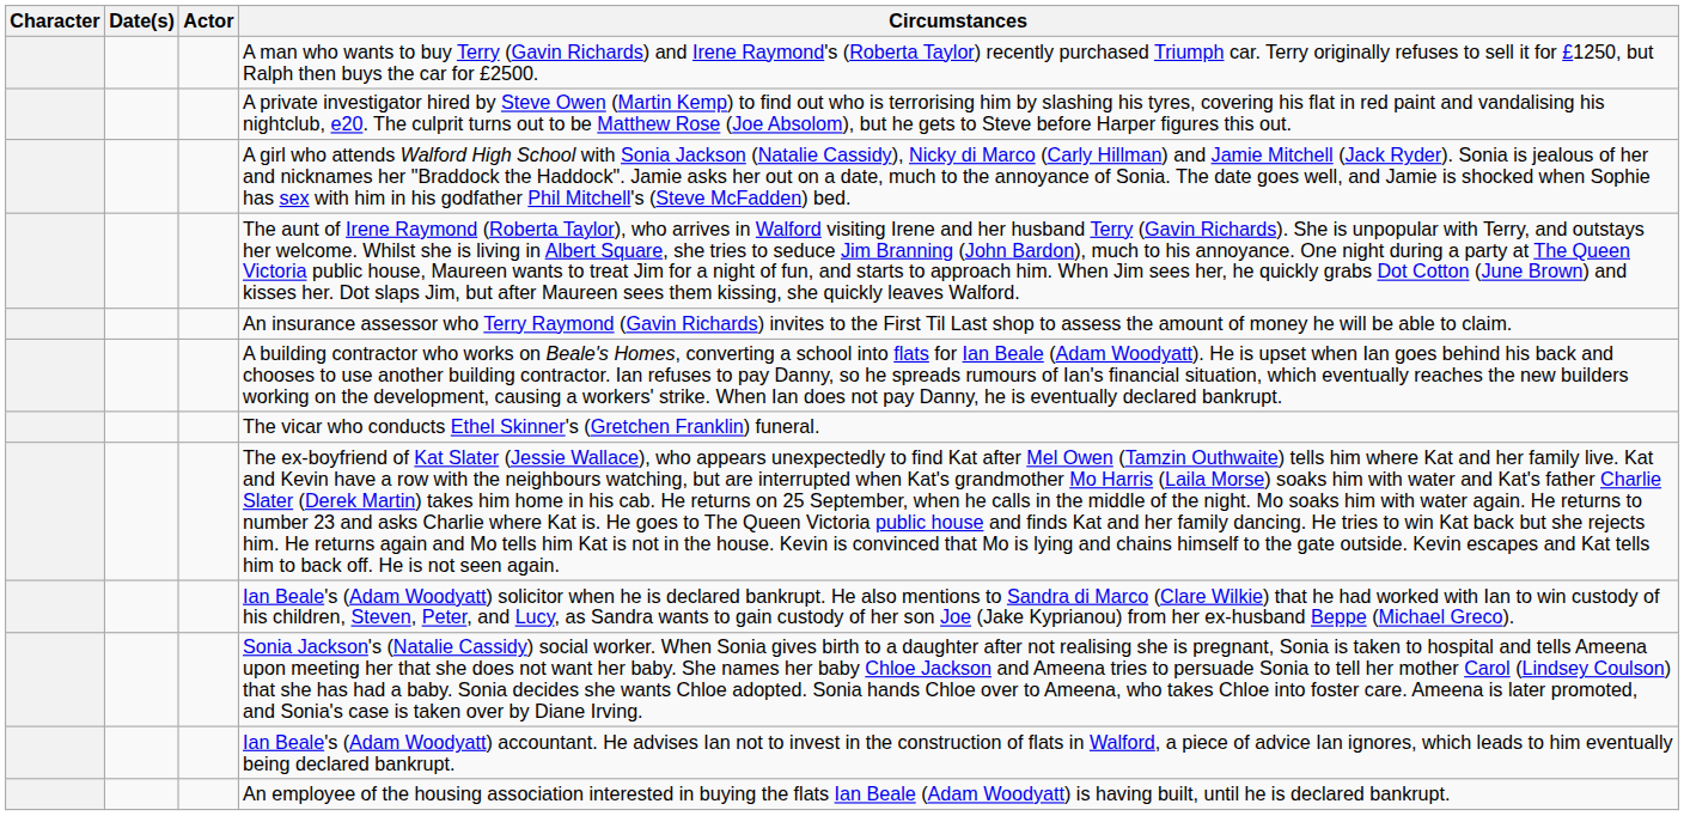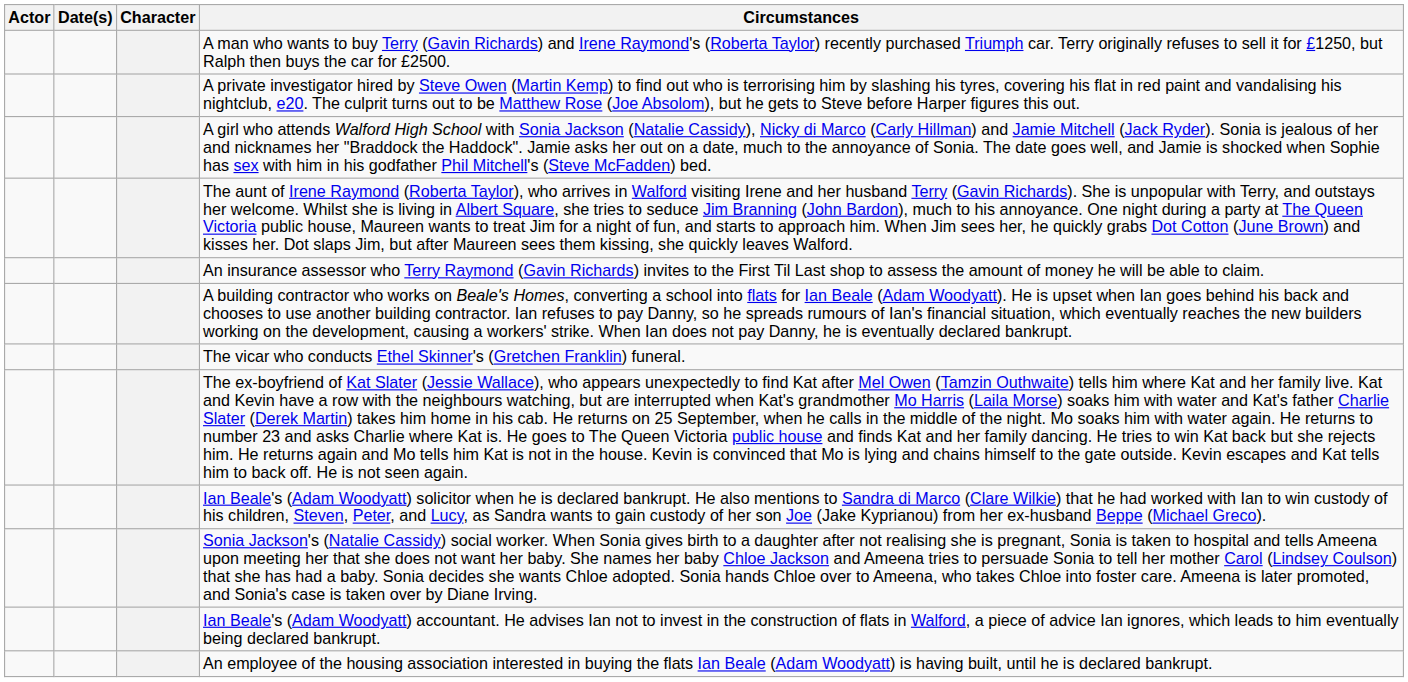 <table class="wikitable plainrowheaders" style="font-size:90%">
 <tr>
+<th scope="col">Actor</th>
+<th scope="col">Date(s)</th>
 <th scope="col">Character</th>
-<th scope="col">Date(s)</th>
-<th scope="col">Actor</th>
 <th scope="col">Circumstances</th>
 </tr>
 <tr>
-<th scope="row"></th>
 <td></td>
 <td></td>
+<th scope="row"></th>
 <td> A man who wants to buy <a href='#'>Terry</a> (<a href='#'>Gavin Richards</a>) and <a href='#'>Irene Raymond</a>'s (<a href='#'>Roberta Taylor</a>) recently purchased <a href='#'>Triumph</a> car. Terry originally refuses to sell it for <a href='#'>£</a>1250, but Ralph then buys the car for £2500.</td>
 </tr>
 <tr>
-<th scope="row"></th>
 <td></td>
 <td></td>
+<th scope="row"></th>
 <td> A private investigator hired by <a href='#'>Steve Owen</a> (<a href='#'>Martin Kemp</a>) to find out who is terrorising him by slashing his tyres, covering his flat in red paint and vandalising his nightclub, <a href='#'>e20</a>. The culprit turns out to be <a href='#'>Matthew Rose</a> (<a href='#'>Joe Absolom</a>), but he gets to Steve before Harper figures this out.</td>
 </tr>
 <tr>
-<th scope="row"></th>
 <td></td>
 <td></td>
+<th scope="row"></th>
 <td>A girl who attends <em>Walford High School</em> with <a href='#'>Sonia Jackson</a> (<a href='#'>Natalie Cassidy</a>), <a href='#'>Nicky di Marco</a> (<a href='#'>Carly Hillman</a>) and <a href='#'>Jamie Mitchell</a> (<a href='#'>Jack Ryder</a>). Sonia is jealous of her and nicknames her "Braddock the Haddock". Jamie asks her out on a date, much to the annoyance of Sonia. The date goes well, and Jamie is shocked when Sophie has <a href='#'>sex</a> with him in his godfather <a href='#'>Phil Mitchell</a>'s (<a href='#'>Steve McFadden</a>) bed.</td>
 </tr>
 <tr>
-<th scope="row"></th>
 <td></td>
 <td></td>
+<th scope="row"></th>
 <td>The aunt of <a href='#'>Irene Raymond</a> (<a href='#'>Roberta Taylor</a>), who arrives in <a href='#'>Walford</a> visiting Irene and her husband <a href='#'>Terry</a> (<a href='#'>Gavin Richards</a>). She is unpopular with Terry, and outstays her welcome. Whilst she is living in <a href='#'>Albert Square</a>, she tries to seduce <a href='#'>Jim Branning</a> (<a href='#'>John Bardon</a>), much to his annoyance. One night during a party at <a href='#'>The Queen Victoria</a> public house, Maureen wants to treat Jim for a night of fun, and starts to approach him. When Jim sees her, he quickly grabs <a href='#'>Dot Cotton</a> (<a href='#'>June Brown</a>) and kisses her. Dot slaps Jim, but after Maureen sees them kissing, she quickly leaves Walford.</td>
 </tr>
 <tr>
-<th scope="row"></th>
 <td></td>
 <td></td>
+<th scope="row"></th>
 <td> An insurance assessor who <a href='#'>Terry Raymond</a> (<a href='#'>Gavin Richards</a>) invites to the First Til Last shop to assess the amount of money he will be able to claim.</td>
 </tr>
 <tr>
-<th scope="row"></th>
 <td></td>
 <td></td>
+<th scope="row"></th>
 <td>A building contractor who works on <em>Beale's Homes</em>, converting a school into <a href='#'>flats</a> for <a href='#'>Ian Beale</a> (<a href='#'>Adam Woodyatt</a>). He is upset when Ian goes behind his back and chooses to use another building contractor. Ian refuses to pay Danny, so he spreads rumours of Ian's financial situation, which eventually reaches the new builders working on the development, causing a workers' strike. When Ian does not pay Danny, he is eventually declared bankrupt.</td>
 </tr>
 <tr>
-<th scope="row"></th>
 <td></td>
 <td></td>
+<th scope="row"></th>
 <td> The vicar who conducts <a href='#'>Ethel Skinner</a>'s (<a href='#'>Gretchen Franklin</a>) funeral.</td>
 </tr>
 <tr>
-<th scope="row"></th>
 <td></td>
 <td></td>
+<th scope="row"></th>
 <td>The ex-boyfriend of <a href='#'>Kat Slater</a> (<a href='#'>Jessie Wallace</a>), who appears unexpectedly to find Kat after <a href='#'>Mel Owen</a> (<a href='#'>Tamzin Outhwaite</a>) tells him where Kat and her family live. Kat and Kevin have a row with the neighbours watching, but are interrupted when Kat's grandmother <a href='#'>Mo Harris</a> (<a href='#'>Laila Morse</a>) soaks him with water and Kat's father <a href='#'>Charlie Slater</a> (<a href='#'>Derek Martin</a>) takes him home in his cab. He returns on 25 September, when he calls in the middle of the night. Mo soaks him with water again. He returns to number 23 and asks Charlie where Kat is. He goes to The Queen Victoria <a href='#'>public house</a> and finds Kat and her family dancing. He tries to win Kat back but she rejects him. He returns again and Mo tells him Kat is not in the house. Kevin is convinced that Mo is lying and chains himself to the gate outside. Kevin escapes and Kat tells him to back off. He is not seen again.</td>
 </tr>
 <tr>
-<th scope="row"></th>
 <td></td>
 <td></td>
+<th scope="row"></th>
 <td> <a href='#'>Ian Beale</a>'s (<a href='#'>Adam Woodyatt</a>) solicitor when he is declared bankrupt. He also mentions to <a href='#'>Sandra di Marco</a> (<a href='#'>Clare Wilkie</a>) that he had worked with Ian to win custody of his children, <a href='#'>Steven</a>, <a href='#'>Peter</a>, and <a href='#'>Lucy</a>, as Sandra wants to gain custody of her son <a href='#'>Joe</a> (Jake Kyprianou) from her ex-husband <a href='#'>Beppe</a> (<a href='#'>Michael Greco</a>).</td>
 </tr>
 <tr>
-<th scope="row"></th>
 <td></td>
 <td></td>
+<th scope="row"></th>
 <td><a href='#'>Sonia Jackson</a>'s (<a href='#'>Natalie Cassidy</a>)  social worker. When Sonia gives birth to a daughter after not realising she is pregnant, Sonia is taken to hospital and tells Ameena upon meeting her that she does not want her baby. She names her baby <a href='#'>Chloe Jackson</a> and Ameena tries to persuade Sonia to tell her mother <a href='#'>Carol</a> (<a href='#'>Lindsey Coulson</a>) that she has had a baby. Sonia decides she wants Chloe adopted. Sonia hands Chloe over to Ameena, who takes Chloe into foster care. Ameena is later promoted, and Sonia's case is taken over by Diane Irving.</td>
 </tr>
 <tr>
-<th scope="row"></th>
 <td></td>
 <td></td>
+<th scope="row"></th>
 <td> <a href='#'>Ian Beale</a>'s (<a href='#'>Adam Woodyatt</a>) accountant. He advises Ian not to invest in the construction of flats in <a href='#'>Walford</a>, a piece of advice Ian ignores, which leads to him eventually being declared bankrupt.</td>
 </tr>
 <tr>
-<th scope="row"></th>
 <td></td>
 <td></td>
+<th scope="row"></th>
 <td> An employee of the housing association interested in buying the flats <a href='#'>Ian Beale</a> (<a href='#'>Adam Woodyatt</a>) is having built, until he is declared bankrupt.</td>
 </tr>
 </table>
